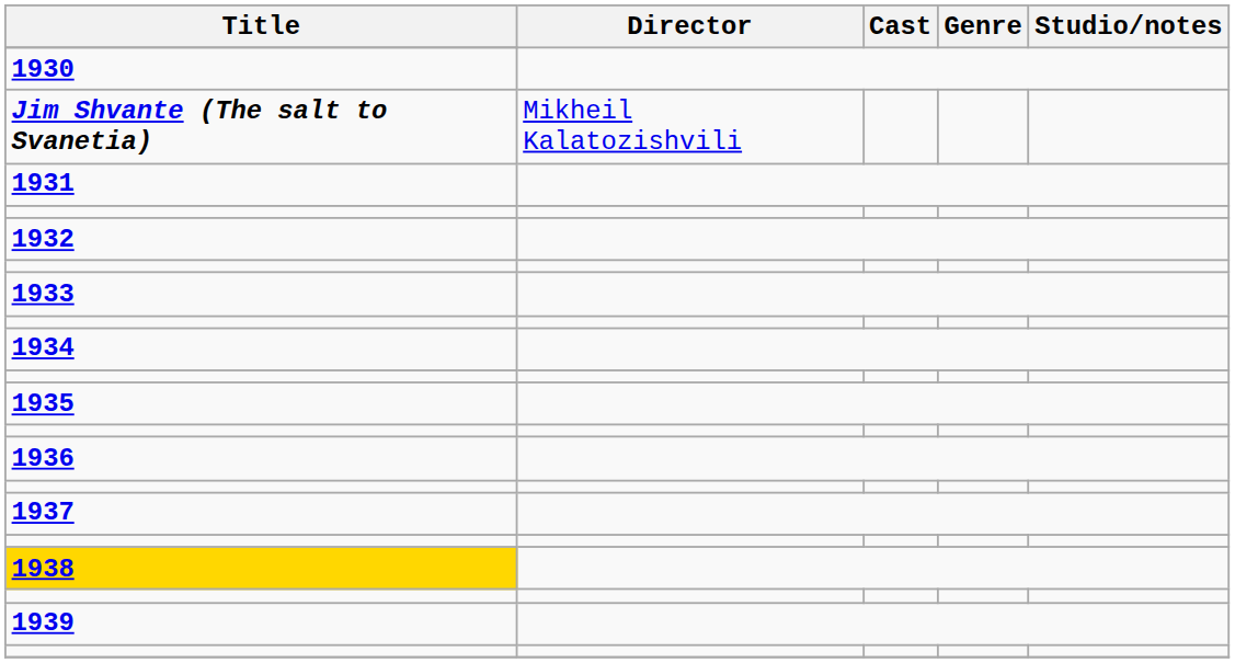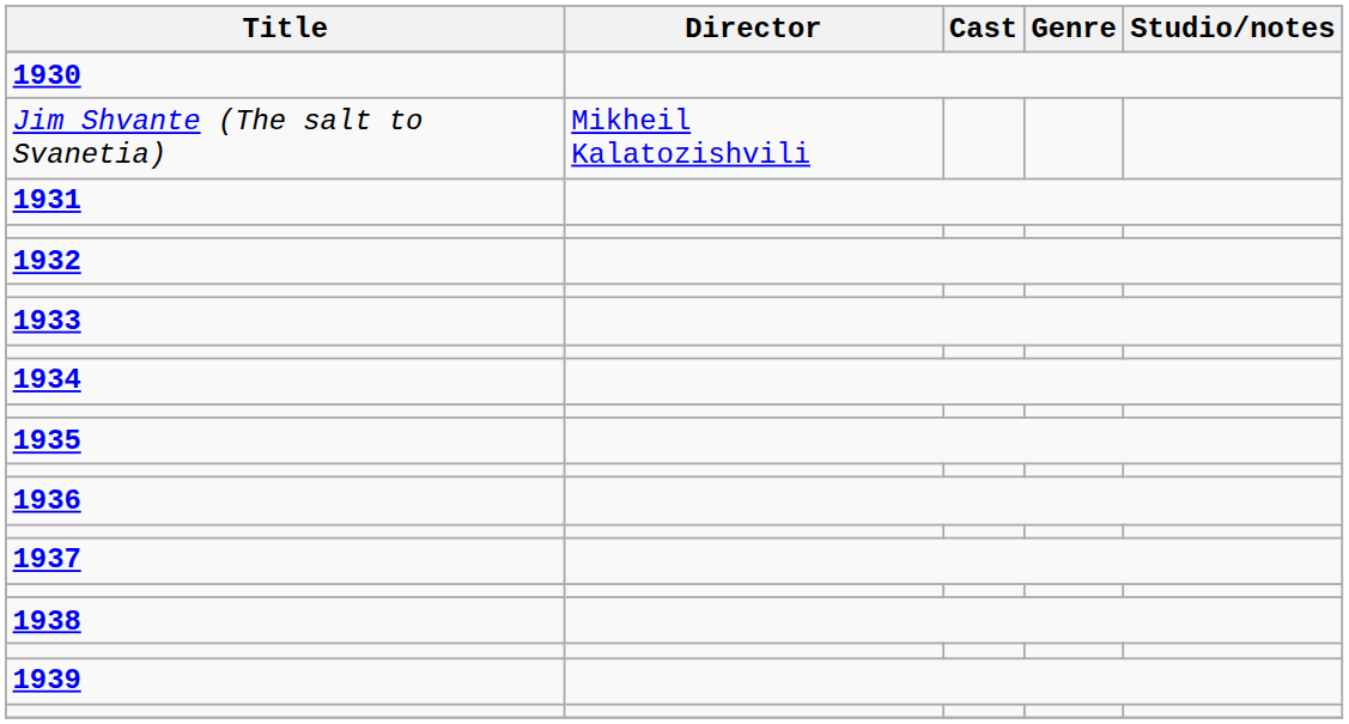 <table class="wikitable">
 <tr>
 <th>Title</th>
 <th>Director</th>
 <th>Cast</th>
 <th>Genre</th>
 <th>Studio/notes</th>
 </tr>
 <tr>
 </tr>
 <tr>
 <td><strong><a href='#'>1930</a></strong></td>
 </tr>
 <tr>
-<td><strong><em><a href='#'>Jim Shvante</a></em> <em>(The salt to Svanetia)</em></strong></td>
+<td><em><a href='#'>Jim Shvante</a></em> <em>(The salt to Svanetia)</em></td>
 <td><a href='#'>Mikheil Kalatozishvili</a></td>
 <td></td>
 <td></td>
 <td></td>
 </tr>
 <tr>
 <td><strong><a href='#'>1931</a></strong></td>
 </tr>
 <tr>
 <td></td>
 <td></td>
 <td></td>
 <td></td>
 <td></td>
 </tr>
 <tr>
 <td><strong><a href='#'>1932</a></strong></td>
 </tr>
 <tr>
 <td></td>
 <td></td>
 <td></td>
 <td></td>
 <td></td>
 </tr>
 <tr>
 <td><strong><a href='#'>1933</a></strong></td>
 </tr>
 <tr>
 <td></td>
 <td></td>
 <td></td>
 <td></td>
 <td></td>
 </tr>
 <tr>
 <td><strong><a href='#'>1934</a></strong></td>
 </tr>
 <tr>
 <td></td>
 <td></td>
 <td></td>
 <td></td>
 <td></td>
 </tr>
 <tr>
 <td><strong><a href='#'>1935</a></strong></td>
 </tr>
 <tr>
 <td></td>
 <td></td>
 <td></td>
 <td></td>
 <td></td>
 </tr>
 <tr>
 <td><strong><a href='#'>1936</a></strong></td>
 </tr>
 <tr>
 <td></td>
 <td></td>
 <td></td>
 <td></td>
 <td></td>
 </tr>
 <tr>
 <td><strong><a href='#'>1937</a></strong></td>
 </tr>
 <tr>
 <td></td>
 <td></td>
 <td></td>
 <td></td>
 <td></td>
 </tr>
 <tr>
-<td style="background: gold;"><strong><a href='#'>1938</a></strong></td>
+<td><strong><a href='#'>1938</a></strong></td>
 </tr>
 <tr>
 <td></td>
 <td></td>
 <td></td>
 <td></td>
 <td></td>
 </tr>
 <tr>
 <td><strong><a href='#'>1939</a></strong></td>
 </tr>
 <tr>
 <td></td>
 <td></td>
 <td></td>
 <td></td>
 <td></td>
 </tr>
 <tr>
 </tr>
 </table>
